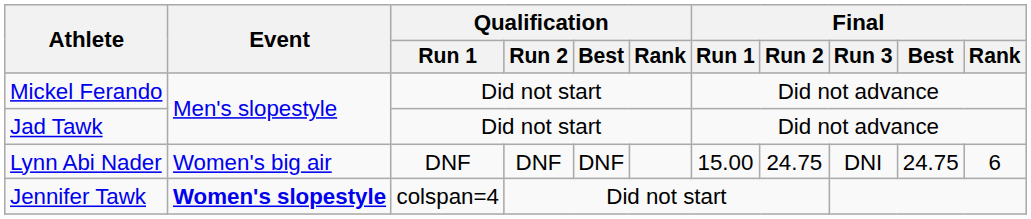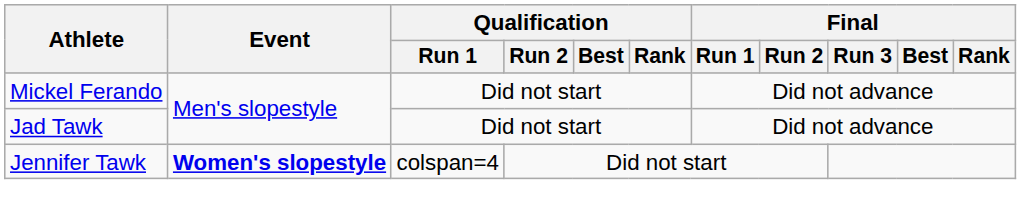 <table class=wikitable style=font-size:90%;text-align:center>
 <tr>
 <th rowspan=2>Athlete</th>
 <th rowspan=2>Event</th>
 <th colspan=4>Qualification</th>
 <th colspan=5>Final</th>
 </tr>
 <tr style=font-size:95%>
 <th>Run 1</th>
 <th>Run 2</th>
 <th>Best</th>
 <th>Rank</th>
 <th>Run 1</th>
 <th>Run 2</th>
 <th>Run 3</th>
 <th>Best</th>
 <th>Rank</th>
 </tr>
 <tr>
 <td align=left><a href='#'>Mickel Ferando</a></td>
 <td align=left rowspan=2><a href='#'>Men's slopestyle</a></td>
 <td colspan=4>Did not start</td>
 <td colspan=5>Did not advance</td>
 </tr>
 <tr>
 <td align=left><a href='#'>Jad Tawk</a></td>
 <td colspan=4>Did not start</td>
 <td colspan=5>Did not advance</td>
 </tr>
 <tr>
-<td align=left><a href='#'>Lynn Abi Nader</a></td>
-<td align=left><a href='#'>Women's big air</a></td>
-<td>DNF</td>
-<td>DNF</td>
-<td>DNF</td>
-<td></td>
-<td>15.00</td>
-<td>24.75</td>
-<td>DNI</td>
-<td>24.75</td>
-<td>6</td>
-</tr>
-<tr>
 <td align=left><a href='#'>Jennifer Tawk</a></td>
 <td align=left><strong><a href='#'>Women's slopestyle</a></strong></td>
 <td>colspan=4 </td>
 <td colspan=5>Did not start</td>
 </tr>
 </table>
